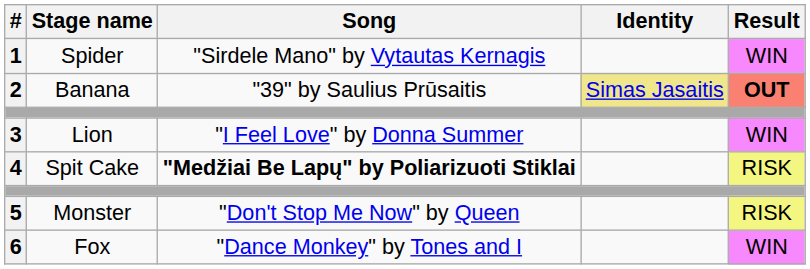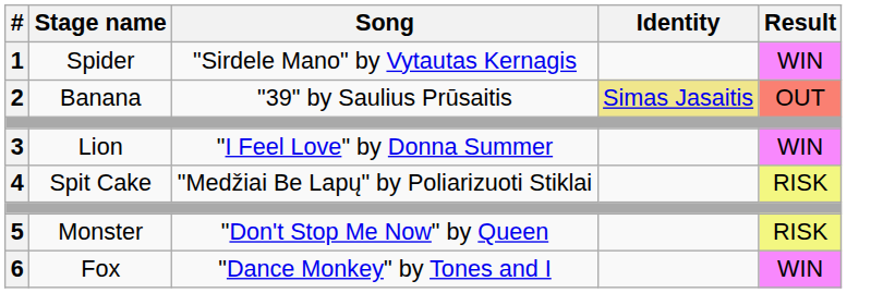 <table class="wikitable plainrowheaders" style="text-align: center;">
 <tr>
 <th>#</th>
 <th>Stage name</th>
 <th>Song</th>
 <th>Identity</th>
 <th>Result</th>
 </tr>
 <tr>
 <th>1</th>
 <td>Spider</td>
 <td>"Sirdele Mano" by <a href='#'>Vytautas Kernagis</a></td>
 <td></td>
 <td bgcolor=#F888FD>WIN</td>
 </tr>
 <tr>
 <th>2</th>
 <td>Banana</td>
 <td>"39" by Saulius Prūsaitis</td>
 <td style="background: khaki;"><a href='#'>Simas Jasaitis</a></td>
-<td bgcolor=salmon><strong>OUT</strong></td>
+<td bgcolor=salmon>OUT</td>
 </tr>
 <tr>
 <td colspan="5" style="background:darkgray"></td>
 </tr>
 <tr>
 <th>3</th>
 <td>Lion</td>
 <td>"<a href='#'>I Feel Love</a>" by <a href='#'>Donna Summer</a></td>
 <td></td>
 <td bgcolor=#F888FD>WIN</td>
 </tr>
 <tr>
 <th>4</th>
 <td>Spit Cake</td>
-<td><strong>"Medžiai Be Lapų" by Poliarizuoti Stiklai</strong></td>
+<td>"Medžiai Be Lapų" by Poliarizuoti Stiklai</td>
 <td></td>
 <td bgcolor="#F3F781">RISK</td>
 </tr>
 <tr>
 <td colspan="5" style="background:darkgray"></td>
 </tr>
 <tr>
 <th>5</th>
 <td>Monster</td>
 <td>"<a href='#'>Don't Stop Me Now</a>" by <a href='#'>Queen</a></td>
 <td></td>
 <td bgcolor="#F3F781">RISK</td>
 </tr>
 <tr>
 <th>6</th>
 <td>Fox</td>
 <td>"<a href='#'>Dance Monkey</a>" by <a href='#'>Tones and I</a></td>
 <td></td>
 <td bgcolor=#F888FD>WIN</td>
 </tr>
 </table>
